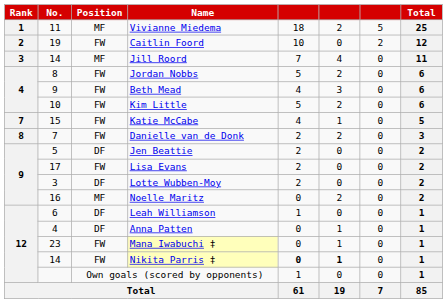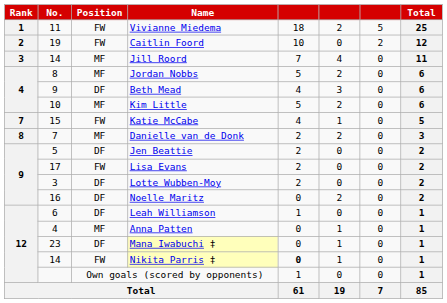 <table class="wikitable" style="text-align:center; font-size:100%; ">
 <tr>
 <th style="background:#d50000; color:white; text-align:center; width:40px">Rank</th>
 <th style="background:#d50000; color:white; text-align:center; width:40px">No.</th>
 <th style="background:#d50000; color:white; text-align:center; width:70px">Position</th>
 <th style="background:#d50000; color:white; text-align:center; width:200px">Name</th>
 <th style="background:#d50000; color:white; text-align:center; width:50px;"><a href='#'></a></th>
 <th style="background:#d50000; color:white; text-align:center; width:50px;"><a href='#'></a></th>
 <th style="background:#d50000; color:white; text-align:center; width:50px;"><a href='#'></a></th>
 <th style="background:#d50000; color:white; text-align:center; width:50px;">Total</th>
 </tr>
 <tr>
 <th>1</th>
 <td>11</td>
-<td>MF</td>
+<td>FW</td>
 <td style="text-align: left"> <a href='#'>Vivianne Miedema</a></td>
 <td>18</td>
 <td>2</td>
 <td>5</td>
 <th>25</th>
 </tr>
 <tr>
 <th>2</th>
 <td>19</td>
 <td>FW</td>
 <td style="text-align: left"> <a href='#'>Caitlin Foord</a></td>
 <td>10</td>
 <td>0</td>
 <td>2</td>
 <th>12</th>
 </tr>
 <tr>
 <th>3</th>
 <td>14</td>
 <td>MF</td>
 <td style="text-align: left"> <a href='#'>Jill Roord</a></td>
 <td>7</td>
 <td>4</td>
 <td>0</td>
 <th>11</th>
 </tr>
 <tr>
 <th rowspan="3">4</th>
 <td>8</td>
-<td>FW</td>
+<td>MF</td>
 <td style="text-align: left"> <a href='#'>Jordan Nobbs</a></td>
 <td>5</td>
 <td>2</td>
 <td>0</td>
 <th>6</th>
 </tr>
 <tr>
 <td>9</td>
-<td>FW</td>
+<td>DF</td>
 <td style="text-align: left"> <a href='#'>Beth Mead</a></td>
 <td>4</td>
 <td>3</td>
 <td>0</td>
 <th>6</th>
 </tr>
 <tr>
 <td>10</td>
-<td>FW</td>
+<td>MF</td>
 <td style="text-align: left"> <a href='#'>Kim Little</a></td>
 <td>5</td>
 <td>2</td>
 <td>0</td>
 <th>6</th>
 </tr>
 <tr>
 <th>7</th>
 <td>15</td>
 <td>FW</td>
 <td style="text-align: left"> <a href='#'>Katie McCabe</a></td>
 <td>4</td>
 <td>1</td>
 <td>0</td>
 <th>5</th>
 </tr>
 <tr>
 <th>8</th>
 <td>7</td>
-<td>FW</td>
+<td>MF</td>
 <td style="text-align: left"> <a href='#'>Danielle van de Donk</a></td>
 <td>2</td>
 <td>2</td>
 <td>0</td>
 <th>3</th>
 </tr>
 <tr>
 <th rowspan="4">9</th>
 <td>5</td>
 <td>DF</td>
 <td style="text-align: left"> <a href='#'>Jen Beattie</a></td>
 <td>2</td>
 <td>0</td>
 <td>0</td>
 <th>2</th>
 </tr>
 <tr>
 <td>17</td>
 <td>FW</td>
 <td style="text-align: left"> <a href='#'>Lisa Evans</a></td>
 <td>2</td>
 <td>0</td>
 <td>0</td>
 <th>2</th>
 </tr>
 <tr>
 <td>3</td>
 <td>DF</td>
 <td style="text-align: left"> <a href='#'>Lotte Wubben-Moy</a></td>
 <td>2</td>
 <td>0</td>
 <td>0</td>
 <th>2</th>
 </tr>
 <tr>
 <td>16</td>
-<td>MF</td>
+<td>DF</td>
 <td style="text-align: left"> <a href='#'>Noelle Maritz</a></td>
 <td>0</td>
 <td>2</td>
 <td>0</td>
 <th>2</th>
 </tr>
 <tr>
 <th rowspan="5">12</th>
 <td>6</td>
 <td>DF</td>
 <td style="text-align: left"> <a href='#'>Leah Williamson</a></td>
 <td>1</td>
 <td>0</td>
 <td>0</td>
 <th>1</th>
 </tr>
 <tr>
 <td>4</td>
-<td>DF</td>
+<td>MF</td>
 <td style="text-align: left"> <a href='#'>Anna Patten</a></td>
 <td>0</td>
 <td>1</td>
 <td>0</td>
 <th>1</th>
 </tr>
 <tr>
 <td>23</td>
-<td>FW</td>
+<td>DF</td>
 <td style="background:#ffb; text-align: left"> <a href='#'>Mana Iwabuchi</a> ‡</td>
 <td>0</td>
 <td>1</td>
 <td>0</td>
 <th>1</th>
 </tr>
 <tr>
 <td>14</td>
 <td>FW</td>
 <td style="background:#ffb; text-align: left"> <a href='#'>Nikita Parris</a> ‡</td>
 <td><strong>0</strong></td>
-<td><strong>1</strong></td>
+<td>1</td>
 <td>0</td>
 <th>1</th>
 </tr>
 <tr>
 <td></td>
 <td colspan="2">Own goals (scored by opponents)</td>
 <td>1</td>
 <td>0</td>
 <td>0</td>
 <th>1</th>
 </tr>
 <tr>
 <th colspan="4">Total</th>
 <th>61</th>
 <th>19</th>
 <th>7</th>
 <th>85</th>
 </tr>
 </table>
